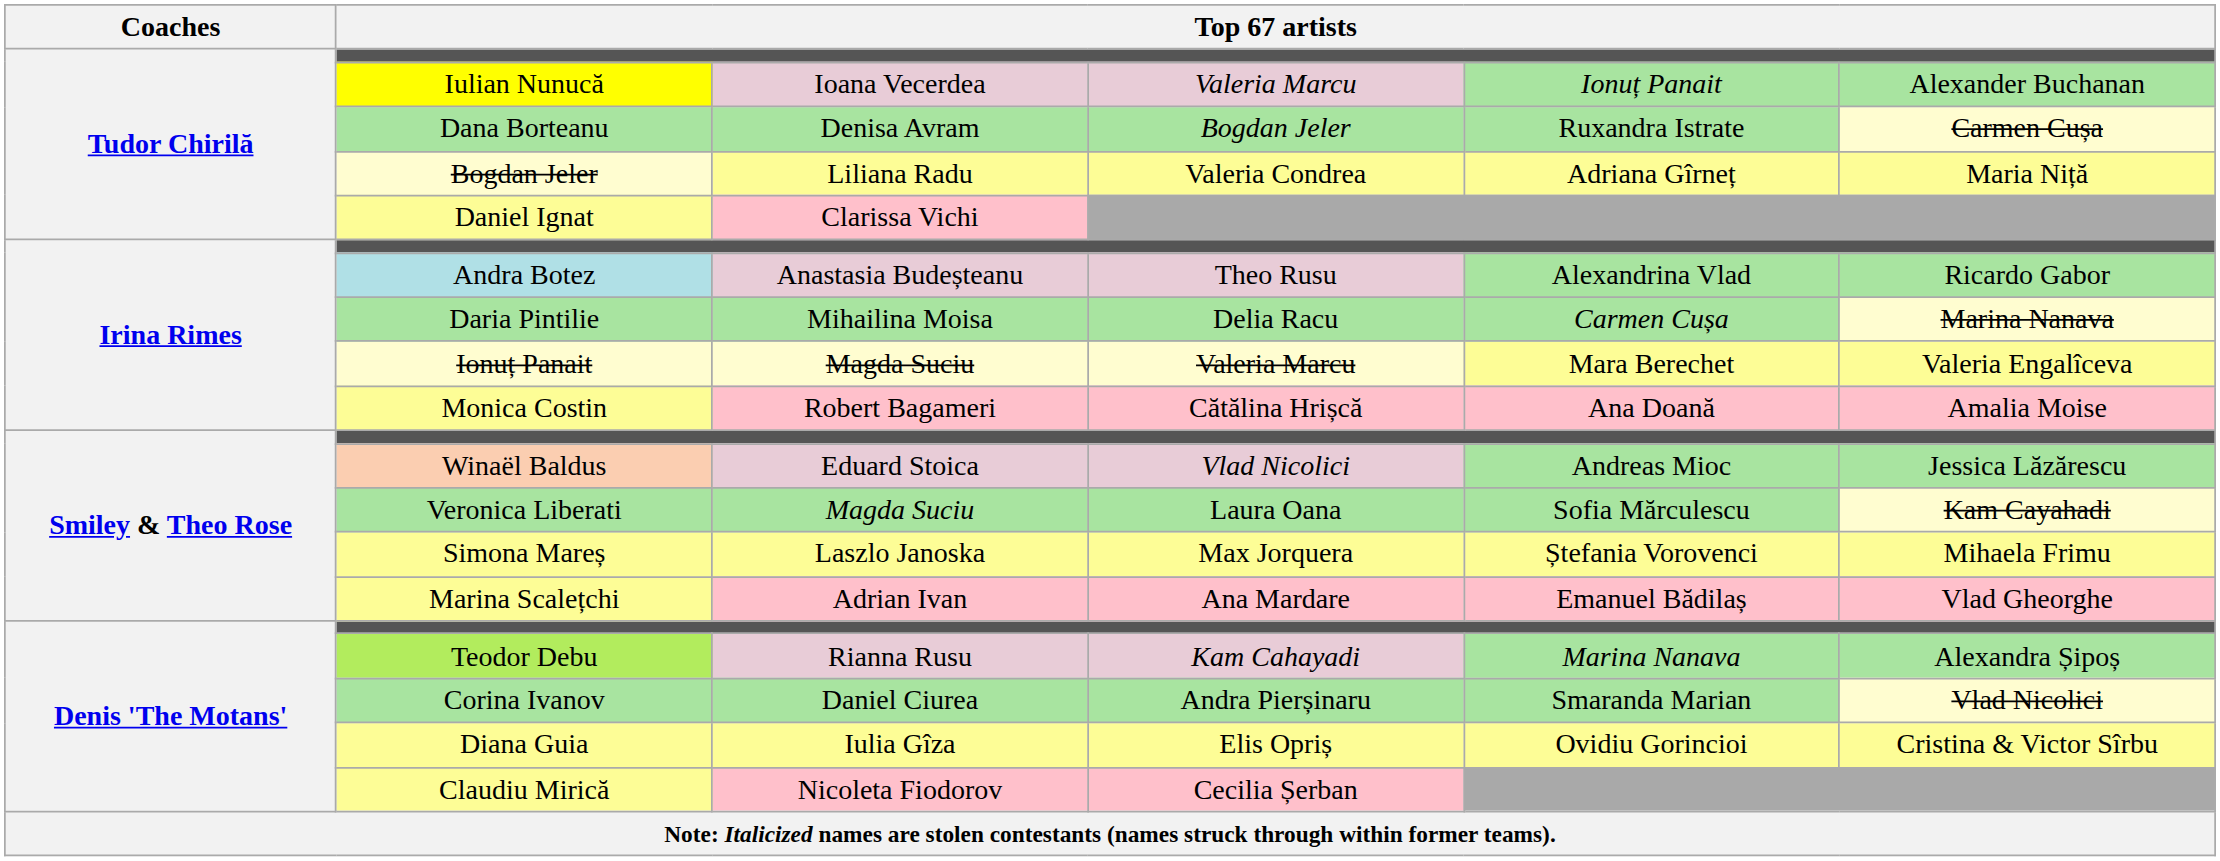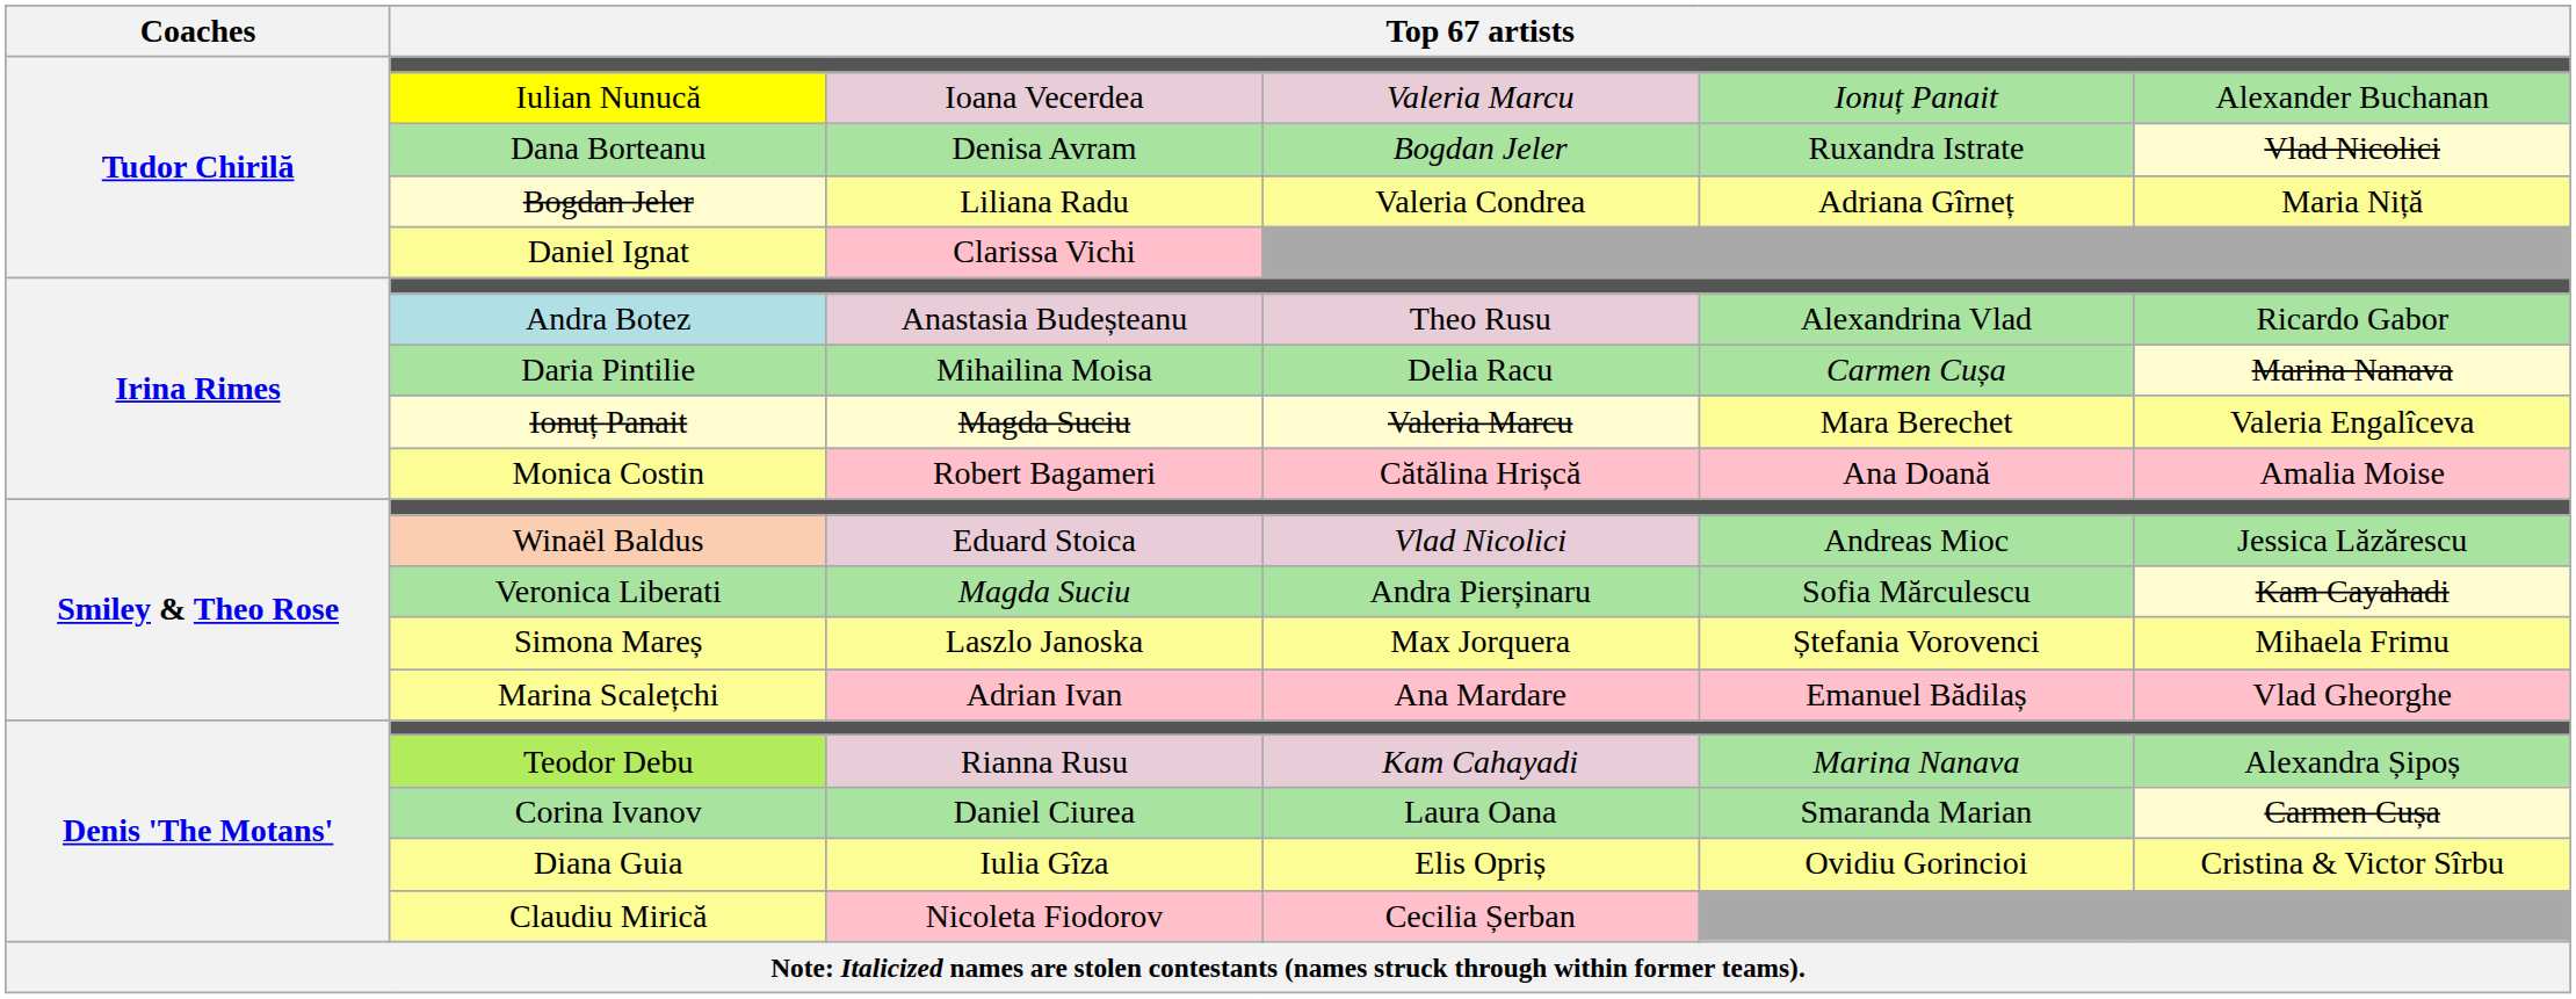 <table class="wikitable" style="text-align:center; width:100%;">
 <tr>
 <th scope="col" style="width:15%;">Coaches</th>
 <th colspan="5" style="width:85%">Top 67 artists</th>
 </tr>
 <tr>
 <th rowspan="5"><a href='#'>Tudor Chirilă</a></th>
 <td colspan="5" style="background:#555;"></td>
 </tr>
 <tr>
 <td width="17%" bgcolor="yellow">Iulian Nunucă</td>
 <td width="17%" bgcolor="#E8CCD7">Ioana Vecerdea</td>
 <td width="17%" bgcolor="#E8CCD7"><em>Valeria Marcu</em></td>
 <td width="17%" bgcolor="#A8E4A0"><em>Ionuț Panait</em></td>
 <td width="17%" bgcolor="#A8E4A0">Alexander Buchanan</td>
 </tr>
 <tr>
 <td bgcolor="#A8E4A0">Dana Borteanu</td>
 <td style="background:#A8E4A0;">Denisa Avram</td>
 <td style="background:#A8E4A0;"><em>Bogdan Jeler</em></td>
 <td style="background:#A8E4A0;">Ruxandra Istrate</td>
-<td bgcolor="#FFFDD0"><s>Carmen Cușa</s></td>
+<td bgcolor="#FFFDD0"><s>Vlad Nicolici</s></td>
 </tr>
 <tr>
 <td bgcolor="#FFFDD0"><s>Bogdan Jeler</s></td>
 <td bgcolor="#FDFD96">Liliana Radu</td>
 <td bgcolor="#FDFD96">Valeria Condrea</td>
 <td bgcolor="#FDFD96">Adriana Gîrneț</td>
 <td bgcolor="#FDFD96">Maria Niță</td>
 </tr>
 <tr>
 <td bgcolor="#FDFD96">Daniel Ignat</td>
 <td bgcolor="pink">Clarissa Vichi</td>
 <td colspan="3" bgcolor="darkgrey"></td>
 </tr>
 <tr>
 <th rowspan="5"><a href='#'>Irina Rimes</a></th>
 <td colspan="5" style="background:#555;"></td>
 </tr>
 <tr>
 <td bgcolor="#B0E0E6">Andra Botez</td>
 <td bgcolor="#E8CCD7">Anastasia Budeșteanu</td>
 <td bgcolor="#E8CCD7">Theo Rusu</td>
 <td bgcolor="#A8E4A0">Alexandrina Vlad</td>
 <td bgcolor="#A8E4A0">Ricardo Gabor</td>
 </tr>
 <tr>
 <td bgcolor="#A8E4A0">Daria Pintilie</td>
 <td style="background:#A8E4A0;">Mihailina Moisa</td>
 <td style="background:#A8E4A0;">Delia Racu</td>
 <td bgcolor="#A8E4A0"><em>Carmen Cușa</em></td>
 <td bgcolor="#FFFDD0"><s>Marina Nanava</s></td>
 </tr>
 <tr>
 <td bgcolor="#FFFDD0"><s>Ionuț Panait</s></td>
 <td bgcolor="#FFFDD0"><s>Magda Suciu</s></td>
 <td bgcolor="#FFFDD0"><s>Valeria Marcu</s></td>
 <td bgcolor="#FDFD96">Mara Berechet</td>
 <td bgcolor="#FDFD96">Valeria Engalîceva</td>
 </tr>
 <tr>
 <td bgcolor="#FDFD96">Monica Costin</td>
 <td bgcolor="pink">Robert Bagameri</td>
 <td bgcolor="pink">Cătălina Hrișcă</td>
 <td bgcolor="pink">Ana Doană</td>
 <td bgcolor="pink">Amalia Moise</td>
 </tr>
 <tr>
 <th rowspan="5"><a href='#'>Smiley</a> & <a href='#'>Theo Rose</a></th>
 <td colspan="5" style="background:#555;"></td>
 </tr>
 <tr>
 <td bgcolor="#FBCEB1">Winaël Baldus</td>
 <td bgcolor="#E8CCD7">Eduard Stoica</td>
 <td bgcolor="#E8CCD7"><em>Vlad Nicolici</em></td>
 <td bgcolor="#A8E4A0">Andreas Mioc</td>
 <td bgcolor="#A8E4A0">Jessica Lăzărescu</td>
 </tr>
 <tr>
 <td bgcolor="#A8E4A0">Veronica Liberati</td>
 <td bgcolor="#A8E4A0"><em>Magda Suciu</em></td>
-<td bgcolor="#A8E4A0">Laura Oana</td>
+<td bgcolor="#A8E4A0">Andra Pierșinaru</td>
 <td bgcolor="#A8E4A0">Sofia Mărculescu</td>
 <td bgcolor="#FFFDD0"><s>Kam Cayahadi</s></td>
 </tr>
 <tr>
 <td bgcolor="#FDFD96">Simona Mareș</td>
 <td bgcolor="#FDFD96">Laszlo Janoska</td>
 <td bgcolor="#FDFD96">Max Jorquera</td>
 <td bgcolor="#FDFD96">Ștefania Vorovenci</td>
 <td bgcolor="#FDFD96">Mihaela Frimu</td>
 </tr>
 <tr>
 <td bgcolor="#FDFD96">Marina Scalețchi</td>
 <td bgcolor="pink">Adrian Ivan</td>
 <td bgcolor="pink">Ana Mardare</td>
 <td bgcolor="pink">Emanuel Bădilaș</td>
 <td bgcolor="pink">Vlad Gheorghe</td>
 </tr>
 <tr>
 <th rowspan="5"><a href='#'>Denis 'The Motans'</a></th>
 <td colspan="5" style="background:#555;"></td>
 </tr>
 <tr>
 <td bgcolor="#B2EC5D">Teodor Debu</td>
 <td bgcolor="#E8CCD7">Rianna Rusu</td>
 <td bgcolor="#E8CCD7"><em>Kam Cahayadi</em></td>
 <td bgcolor="#A8E4A0"><em>Marina Nanava</em></td>
 <td bgcolor="#A8E4A0">Alexandra Șipoș</td>
 </tr>
 <tr>
 <td bgcolor="#A8E4A0">Corina Ivanov</td>
 <td bgcolor="#A8E4A0">Daniel Ciurea</td>
-<td bgcolor="#A8E4A0">Andra Pierșinaru</td>
+<td bgcolor="#A8E4A0">Laura Oana</td>
 <td bgcolor="#A8E4A0">Smaranda Marian</td>
-<td bgcolor="#FFFDD0"><s>Vlad Nicolici</s></td>
+<td bgcolor="#FFFDD0"><s>Carmen Cușa</s></td>
 </tr>
 <tr>
 <td bgcolor="#FDFD96">Diana Guia</td>
 <td bgcolor="#FDFD96">Iulia Gîza</td>
 <td bgcolor="#FDFD96">Elis Opriș</td>
 <td bgcolor="#FDFD96">Ovidiu Gorincioi</td>
 <td bgcolor="#FDFD96">Cristina & Victor Sîrbu</td>
 </tr>
 <tr>
 <td bgcolor="#FDFD96">Claudiu Mirică</td>
 <td bgcolor="pink">Nicoleta Fiodorov</td>
 <td bgcolor="pink">Cecilia Șerban</td>
 <td colspan="2" bgcolor="darkgrey"></td>
 </tr>
 <tr>
 <th colspan="6"><small>Note: <em>Italicized</em> names are stolen contestants (names struck through within former teams).</small></th>
 </tr>
 </table>
